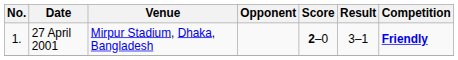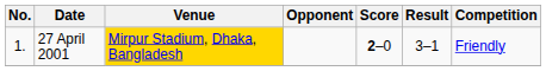 <table class="wikitable plainrowheaders sortable">
 <tr>
 <th scope="col">No.</th>
 <th scope="col">Date</th>
 <th scope="col">Venue</th>
 <th scope="col">Opponent</th>
 <th scope="col">Score</th>
 <th scope="col">Result</th>
 <th scope="col">Competition</th>
 </tr>
 <tr>
 <td style="text-align:center">1.</td>
 <td>27 April 2001</td>
-<td><a href='#'>Mirpur Stadium</a>, <a href='#'>Dhaka</a>, <a href='#'>Bangladesh</a></td>
+<td style="background: gold;"><a href='#'>Mirpur Stadium</a>, <a href='#'>Dhaka</a>, <a href='#'>Bangladesh</a></td>
 <td></td>
 <td style="text-align:center;"><strong>2</strong>–0</td>
 <td style="text-align:center;">3–1</td>
-<td><strong><a href='#'>Friendly</a></strong></td>
+<td><a href='#'>Friendly</a></td>
 </tr>
 <tr>
 </tr>
 </table>
